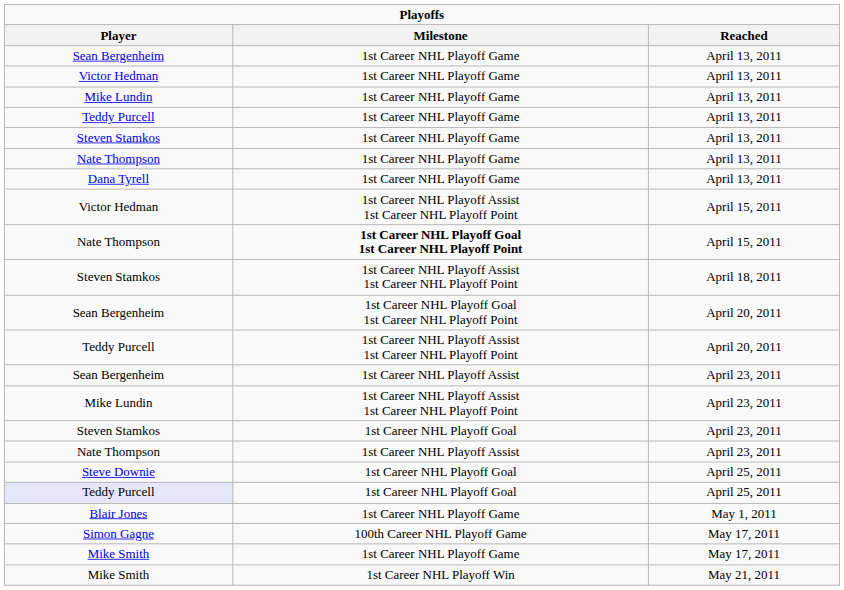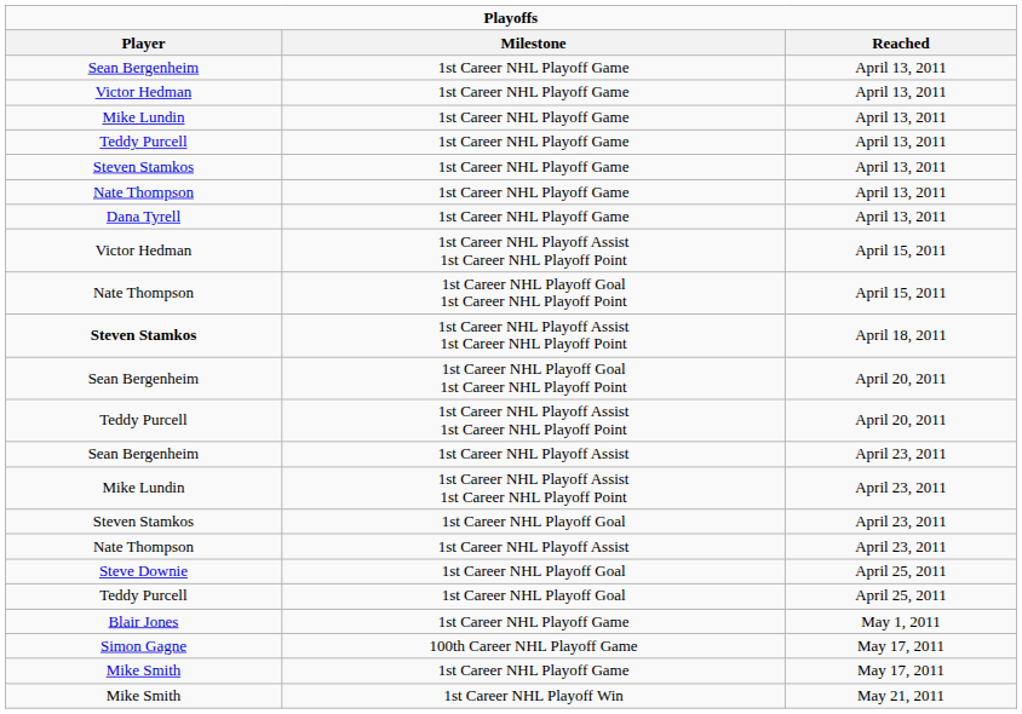 <table class="wikitable"  style="width:52%; text-align:center;">
 <tr>
 <td colspan="10" style="text-align:center;"><strong>Playoffs</strong></td>
 </tr>
 <tr>
 <th>Player</th>
 <th>Milestone</th>
 <th>Reached</th>
 </tr>
 <tr>
 <td><a href='#'>Sean Bergenheim</a></td>
 <td>1st Career NHL Playoff Game</td>
 <td>April 13, 2011</td>
 </tr>
 <tr>
 <td><a href='#'>Victor Hedman</a></td>
 <td>1st Career NHL Playoff Game</td>
 <td>April 13, 2011</td>
 </tr>
 <tr>
 <td><a href='#'>Mike Lundin</a></td>
 <td>1st Career NHL Playoff Game</td>
 <td>April 13, 2011</td>
 </tr>
 <tr>
 <td><a href='#'>Teddy Purcell</a></td>
 <td>1st Career NHL Playoff Game</td>
 <td>April 13, 2011</td>
 </tr>
 <tr>
 <td><a href='#'>Steven Stamkos</a></td>
 <td>1st Career NHL Playoff Game</td>
 <td>April 13, 2011</td>
 </tr>
 <tr>
 <td><a href='#'>Nate Thompson</a></td>
 <td>1st Career NHL Playoff Game</td>
 <td>April 13, 2011</td>
 </tr>
 <tr>
 <td><a href='#'>Dana Tyrell</a></td>
 <td>1st Career NHL Playoff Game</td>
 <td>April 13, 2011</td>
 </tr>
 <tr>
 <td>Victor Hedman</td>
 <td>1st Career NHL Playoff Assist<br>1st Career NHL Playoff Point</td>
 <td>April 15, 2011</td>
 </tr>
 <tr>
 <td>Nate Thompson</td>
-<td><strong>1st Career NHL Playoff Goal<br>1st Career NHL Playoff Point</strong></td>
+<td>1st Career NHL Playoff Goal<br>1st Career NHL Playoff Point</td>
 <td>April 15, 2011</td>
 </tr>
 <tr>
-<td>Steven Stamkos</td>
+<td><strong>Steven Stamkos</strong></td>
 <td>1st Career NHL Playoff Assist<br>1st Career NHL Playoff Point</td>
 <td>April 18, 2011</td>
 </tr>
 <tr>
 <td>Sean Bergenheim</td>
 <td>1st Career NHL Playoff Goal<br>1st Career NHL Playoff Point</td>
 <td>April 20, 2011</td>
 </tr>
 <tr>
 <td>Teddy Purcell</td>
 <td>1st Career NHL Playoff Assist<br>1st Career NHL Playoff Point</td>
 <td>April 20, 2011</td>
 </tr>
 <tr>
 <td>Sean Bergenheim</td>
 <td>1st Career NHL Playoff Assist</td>
 <td>April 23, 2011</td>
 </tr>
 <tr>
 <td>Mike Lundin</td>
 <td>1st Career NHL Playoff Assist<br>1st Career NHL Playoff Point</td>
 <td>April 23, 2011</td>
 </tr>
 <tr>
 <td>Steven Stamkos</td>
 <td>1st Career NHL Playoff Goal</td>
 <td>April 23, 2011</td>
 </tr>
 <tr>
 <td>Nate Thompson</td>
 <td>1st Career NHL Playoff Assist</td>
 <td>April 23, 2011</td>
 </tr>
 <tr>
 <td><a href='#'>Steve Downie</a></td>
 <td>1st Career NHL Playoff Goal</td>
 <td>April 25, 2011</td>
 </tr>
 <tr>
-<td style="background: lavender;">Teddy Purcell</td>
+<td>Teddy Purcell</td>
 <td>1st Career NHL Playoff Goal</td>
 <td>April 25, 2011</td>
 </tr>
 <tr>
 <td><a href='#'>Blair Jones</a></td>
 <td>1st Career NHL Playoff Game</td>
 <td>May 1, 2011</td>
 </tr>
 <tr>
 <td><a href='#'>Simon Gagne</a></td>
 <td>100th Career NHL Playoff Game</td>
 <td>May 17, 2011</td>
 </tr>
 <tr>
 <td><a href='#'>Mike Smith</a></td>
 <td>1st Career NHL Playoff Game</td>
 <td>May 17, 2011</td>
 </tr>
 <tr>
 <td>Mike Smith</td>
 <td>1st Career NHL Playoff Win</td>
 <td>May 21, 2011</td>
 </tr>
 </table>
